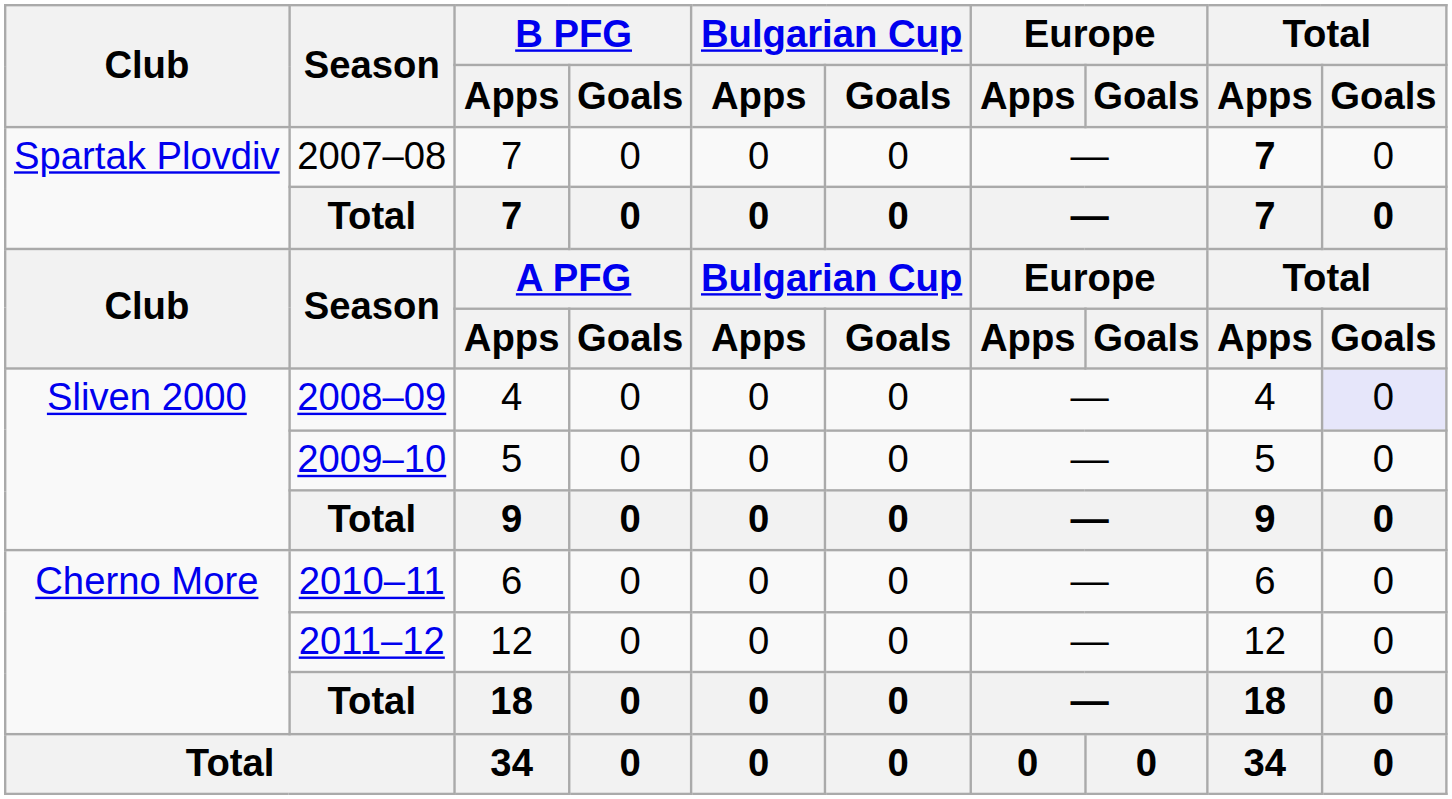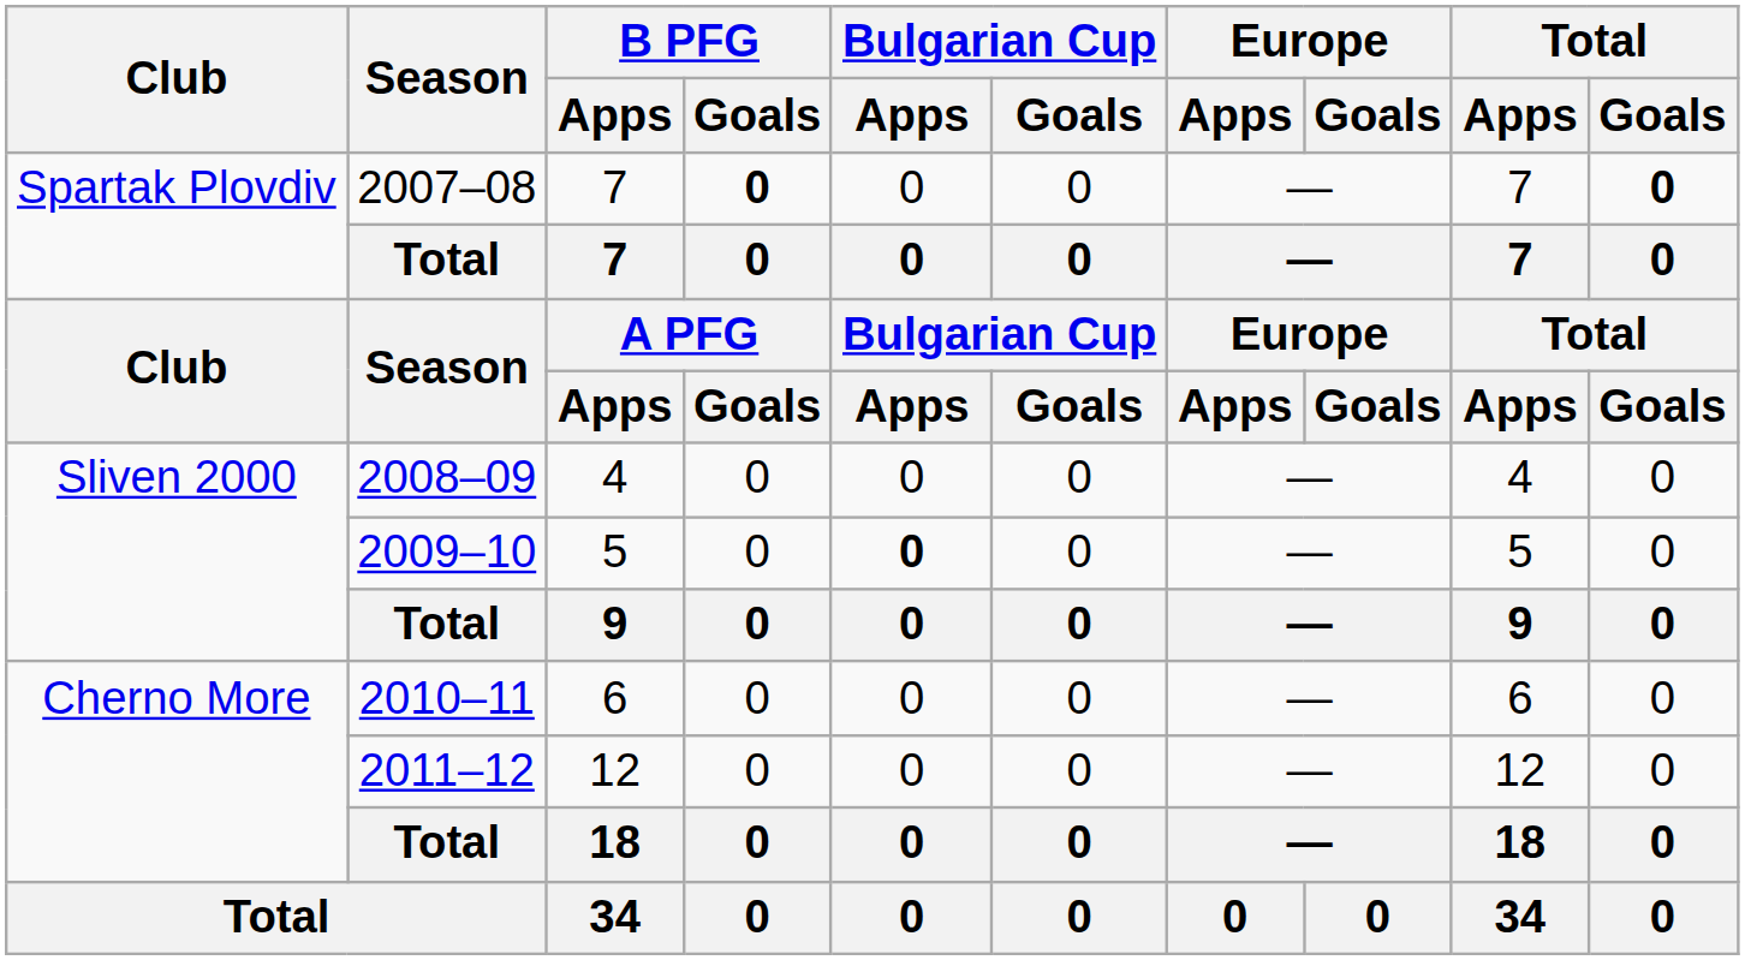 <table class="wikitable" style="text-align:center">
 <tr>
 <th rowspan="2">Club</th>
 <th rowspan="2">Season</th>
 <th colspan="2"><a href='#'>B PFG</a></th>
 <th colspan="2"><a href='#'>Bulgarian Cup</a></th>
 <th colspan="2">Europe</th>
 <th colspan="2">Total</th>
 </tr>
 <tr>
 <th>Apps</th>
 <th>Goals</th>
 <th>Apps</th>
 <th>Goals</th>
 <th>Apps</th>
 <th>Goals</th>
 <th>Apps</th>
 <th>Goals</th>
 </tr>
 <tr>
 <td rowspan="2" valign=top><a href='#'>Spartak Plovdiv</a></td>
 <td>2007–08</td>
 <td>7</td>
-<td>0</td>
+<td><strong>0</strong></td>
 <td>0</td>
 <td>0</td>
 <td colspan="2">—</td>
-<td><strong>7</strong></td>
-<td>0</td>
+<td>7</td>
+<td><strong>0</strong></td>
 </tr>
 <tr>
 <th>Total</th>
 <th>7</th>
 <th>0</th>
 <th>0</th>
 <th>0</th>
 <th colspan="2">—</th>
 <th>7</th>
 <th>0</th>
 </tr>
 <tr>
 <th rowspan="2">Club</th>
 <th rowspan="2">Season</th>
 <th colspan="2"><a href='#'>A PFG</a></th>
 <th colspan="2"><a href='#'>Bulgarian Cup</a></th>
 <th colspan="2">Europe</th>
 <th colspan="2">Total</th>
 </tr>
 <tr>
 <th>Apps</th>
 <th>Goals</th>
 <th>Apps</th>
 <th>Goals</th>
 <th>Apps</th>
 <th>Goals</th>
 <th>Apps</th>
 <th>Goals</th>
 </tr>
 <tr>
 <td rowspan="3" valign=top><a href='#'>Sliven 2000</a></td>
 <td><a href='#'>2008–09</a></td>
 <td>4</td>
 <td>0</td>
 <td>0</td>
 <td>0</td>
 <td colspan="2">—</td>
 <td>4</td>
-<td style="background: lavender;">0</td>
+<td>0</td>
 </tr>
 <tr>
 <td><a href='#'>2009–10</a></td>
 <td>5</td>
 <td>0</td>
-<td>0</td>
+<td><strong>0</strong></td>
 <td>0</td>
 <td colspan="2">—</td>
 <td>5</td>
 <td>0</td>
 </tr>
 <tr>
 <th>Total</th>
 <th>9</th>
 <th>0</th>
 <th>0</th>
 <th>0</th>
 <th colspan="2">—</th>
 <th>9</th>
 <th>0</th>
 </tr>
 <tr>
 <td rowspan="3" valign=top><a href='#'>Cherno More</a></td>
 <td><a href='#'>2010–11</a></td>
 <td>6</td>
 <td>0</td>
 <td>0</td>
 <td>0</td>
 <td colspan="2">—</td>
 <td>6</td>
 <td>0</td>
 </tr>
 <tr>
 <td><a href='#'>2011–12</a></td>
 <td>12</td>
 <td>0</td>
 <td>0</td>
 <td>0</td>
 <td colspan="2">—</td>
 <td>12</td>
 <td>0</td>
 </tr>
 <tr>
 <th>Total</th>
 <th>18</th>
 <th>0</th>
 <th>0</th>
 <th>0</th>
 <th colspan="2">—</th>
 <th>18</th>
 <th>0</th>
 </tr>
 <tr>
 <th colspan="2">Total</th>
 <th>34</th>
 <th>0</th>
 <th>0</th>
 <th>0</th>
 <th>0</th>
 <th>0</th>
 <th>34</th>
 <th>0</th>
 </tr>
 </table>
